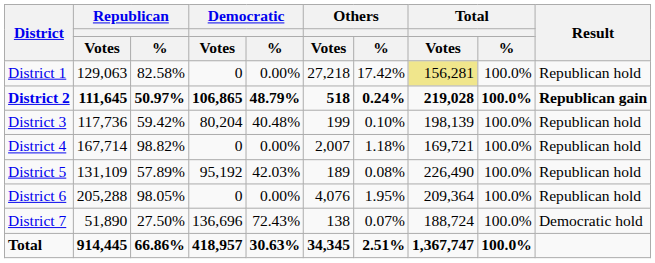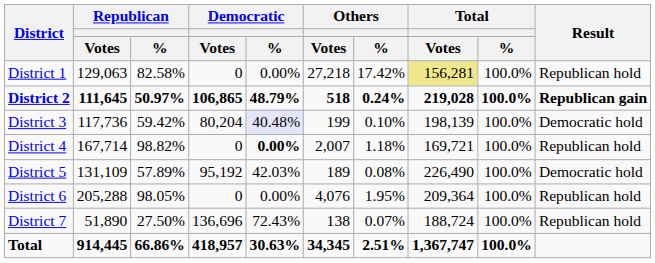 <table class="wikitable plainrowheaders sortable" style="font-size:100%; text-align:right;">
 <tr>
 <th scope=col rowspan=3><a href='#'>District</a></th>
 <th scope=col colspan=2><a href='#'>Republican</a></th>
 <th scope=col colspan=2><a href='#'>Democratic</a></th>
 <th scope=col colspan=2>Others</th>
 <th scope=col colspan=2>Total</th>
 <th scope=col rowspan=3>Result</th>
 </tr>
 <tr>
 <th scope=col colspan=2 style="background:"></th>
 <th scope=col colspan=2 style="background:"></th>
 <th scope=col colspan=2></th>
 <th scope=col colspan=2></th>
 </tr>
 <tr>
 <th scope=col data-sort-type="number">Votes</th>
 <th scope=col data-sort-type="number">%</th>
 <th scope=col data-sort-type="number">Votes</th>
 <th scope=col data-sort-type="number">%</th>
 <th scope=col data-sort-type="number">Votes</th>
 <th scope=col data-sort-type="number">%</th>
 <th scope=col data-sort-type="number">Votes</th>
 <th scope=col data-sort-type="number">%</th>
 </tr>
 <tr>
 <td align=left><a href='#'>District 1</a></td>
 <td>129,063</td>
 <td>82.58%</td>
 <td>0</td>
 <td>0.00%</td>
 <td>27,218</td>
 <td>17.42%</td>
 <td style="background: khaki;">156,281</td>
 <td>100.0%</td>
 <td align=left>Republican hold</td>
 </tr>
 <tr>
 <td align=left><strong><a href='#'>District 2</a></strong></td>
 <td><strong>111,645</strong></td>
 <td><strong>50.97%</strong></td>
 <td><strong>106,865</strong></td>
 <td><strong>48.79%</strong></td>
 <td><strong>518</strong></td>
 <td><strong>0.24%</strong></td>
 <td><strong>219,028</strong></td>
 <td><strong>100.0%</strong></td>
 <td align=left><strong>Republican gain</strong></td>
 </tr>
 <tr>
 <td align=left><a href='#'>District 3</a></td>
 <td>117,736</td>
 <td>59.42%</td>
 <td>80,204</td>
-<td>40.48%</td>
+<td style="background: lavender;">40.48%</td>
 <td>199</td>
 <td>0.10%</td>
 <td>198,139</td>
 <td>100.0%</td>
-<td align=left>Republican hold</td>
+<td align=left>Democratic hold</td>
 </tr>
 <tr>
 <td align=left><a href='#'>District 4</a></td>
 <td>167,714</td>
 <td>98.82%</td>
 <td>0</td>
-<td>0.00%</td>
+<td><strong>0.00%</strong></td>
 <td>2,007</td>
 <td>1.18%</td>
 <td>169,721</td>
 <td>100.0%</td>
 <td align=left>Republican hold</td>
 </tr>
 <tr>
 <td align=left><a href='#'>District 5</a></td>
 <td>131,109</td>
 <td>57.89%</td>
 <td>95,192</td>
 <td>42.03%</td>
 <td>189</td>
 <td>0.08%</td>
 <td>226,490</td>
 <td>100.0%</td>
-<td align=left>Republican hold</td>
+<td align=left>Democratic hold</td>
 </tr>
 <tr>
 <td align=left><a href='#'>District 6</a></td>
 <td>205,288</td>
 <td>98.05%</td>
 <td>0</td>
 <td>0.00%</td>
 <td>4,076</td>
 <td>1.95%</td>
 <td>209,364</td>
 <td>100.0%</td>
 <td align=left>Republican hold</td>
 </tr>
 <tr>
 <td align=left><a href='#'>District 7</a></td>
 <td>51,890</td>
 <td>27.50%</td>
 <td>136,696</td>
 <td>72.43%</td>
 <td>138</td>
 <td>0.07%</td>
 <td>188,724</td>
 <td>100.0%</td>
-<td align=left>Democratic hold</td>
+<td align=left>Republican hold</td>
 </tr>
 <tr class="sortbottom" style="font-weight:bold">
 <td align=left>Total</td>
 <td>914,445</td>
 <td>66.86%</td>
 <td>418,957</td>
 <td>30.63%</td>
 <td>34,345</td>
 <td>2.51%</td>
 <td>1,367,747</td>
 <td>100.0%</td>
 <td></td>
 </tr>
 </table>
